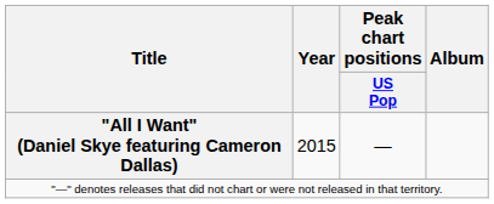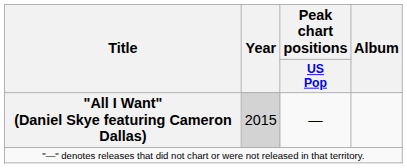 <table class="wikitable plainrowheaders" style="text-align:center;">
 <tr>
 <th scope="col" rowspan="2" style="width:16em;">Title</th>
 <th scope="col" rowspan="2">Year</th>
 <th scope="col" colspan="1">Peak chart positions</th>
 <th scope="col" rowspan="2">Album</th>
 </tr>
 <tr>
 <th scope="col" style="width:3em;font-size:85%;"><a href='#'>US<br>Pop</a><br></th>
 </tr>
 <tr>
 <th scope="row">"All I Want"<br><span>(Daniel Skye featuring Cameron Dallas)</span></th>
-<td>2015</td>
+<td style="background: lightgrey;">2015</td>
 <td>—</td>
 <td></td>
 </tr>
 <tr>
 <td align="center" colspan="15" style="font-size:8pt">"—" denotes releases that did not chart or were not released in that territory.</td>
 </tr>
 </table>
